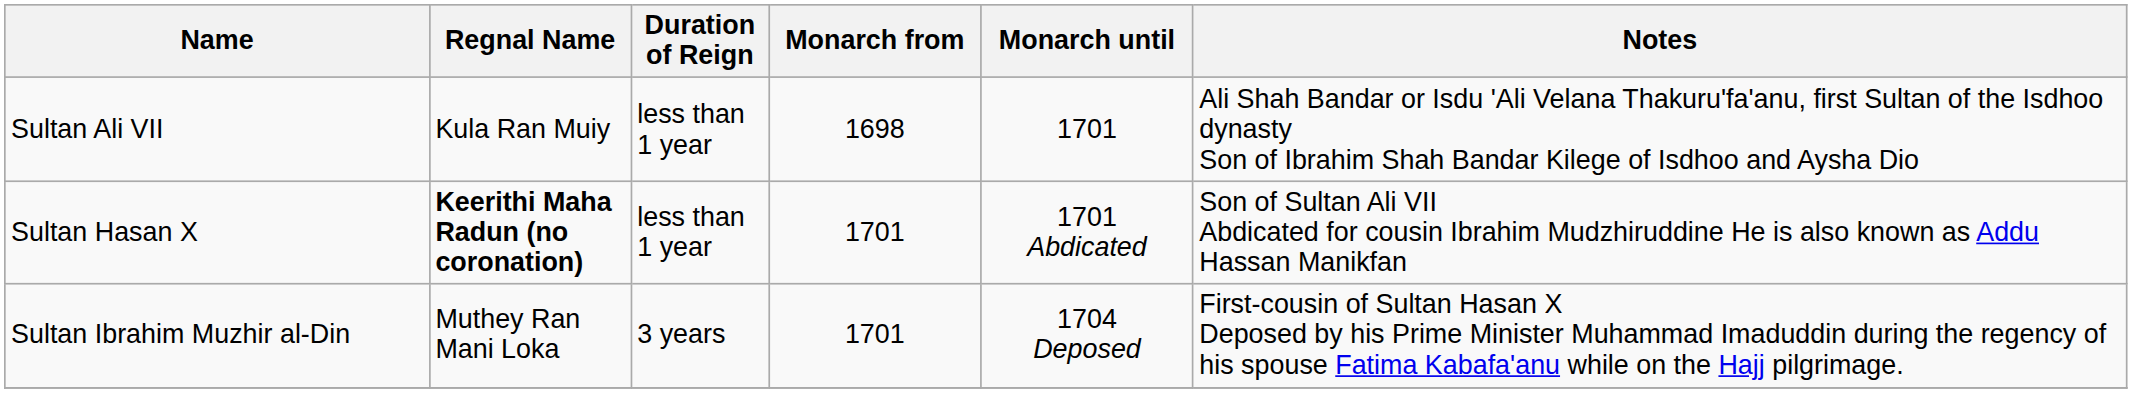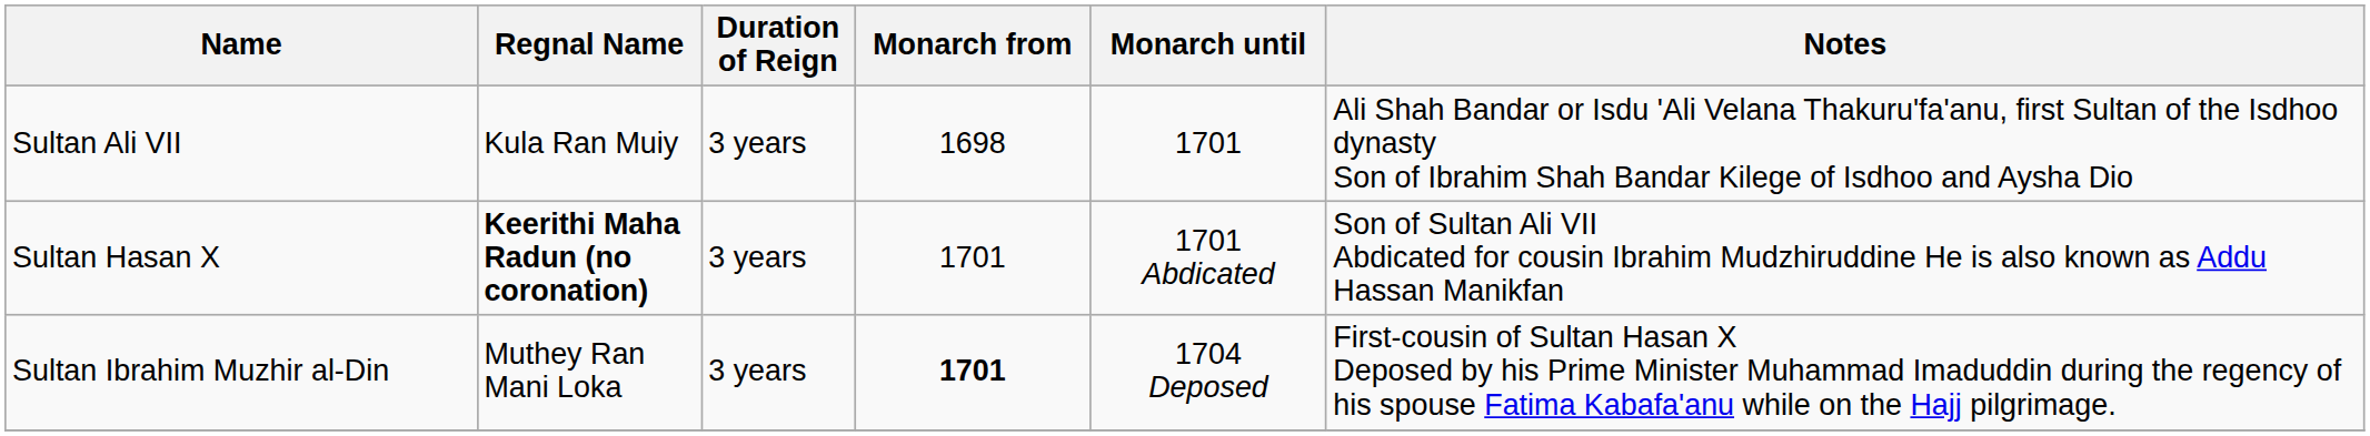 <table width=100% class="wikitable">
 <tr>
 <th width=20%>Name</th>
 <th>Regnal Name</th>
 <th>Duration of Reign</th>
 <th width=10%>Monarch from</th>
 <th width=10%>Monarch until</th>
 <th width=44%>Notes</th>
 </tr>
 <tr>
 <td align="left">Sultan Ali VII</td>
 <td>Kula Ran Muiy</td>
-<td>less than 1 year</td>
+<td>3 years</td>
 <td align="center">1698</td>
 <td align="center">1701</td>
 <td align="left">Ali Shah Bandar or Isdu 'Ali Velana Thakuru'fa'anu, first Sultan of the Isdhoo dynasty<br>Son of Ibrahim Shah Bandar Kilege of Isdhoo and Aysha Dio</td>
 </tr>
 <tr>
 <td align="left">Sultan Hasan X</td>
 <td><strong>Keerithi Maha Radun (no coronation)</strong></td>
-<td>less than 1 year</td>
+<td>3 years</td>
 <td align="center">1701</td>
 <td align="center">1701<br><em>Abdicated</em></td>
 <td align="left">Son of Sultan Ali VII<br>Abdicated for cousin Ibrahim Mudzhiruddine He is also known as <a href='#'>Addu</a> Hassan Manikfan</td>
 </tr>
 <tr>
 <td align="left">Sultan Ibrahim Muzhir al-Din</td>
 <td>Muthey Ran Mani Loka</td>
 <td>3 years</td>
-<td align="center">1701</td>
+<td align="center"><strong>1701</strong></td>
 <td align="center">1704<br><em>Deposed</em></td>
 <td align="left">First-cousin of Sultan Hasan X<br>Deposed by his Prime Minister Muhammad Imaduddin during the regency of his spouse <a href='#'>Fatima Kabafa'anu</a> while on the <a href='#'>Hajj</a> pilgrimage.</td>
 </tr>
 <tr>
 </tr>
 </table>
